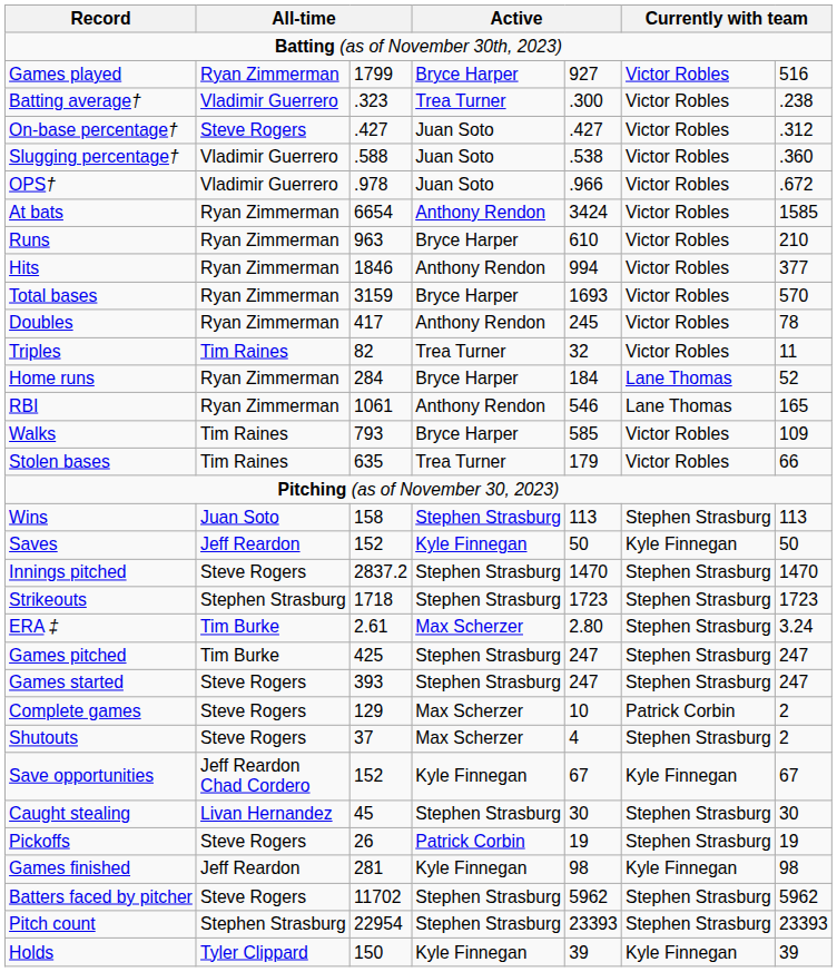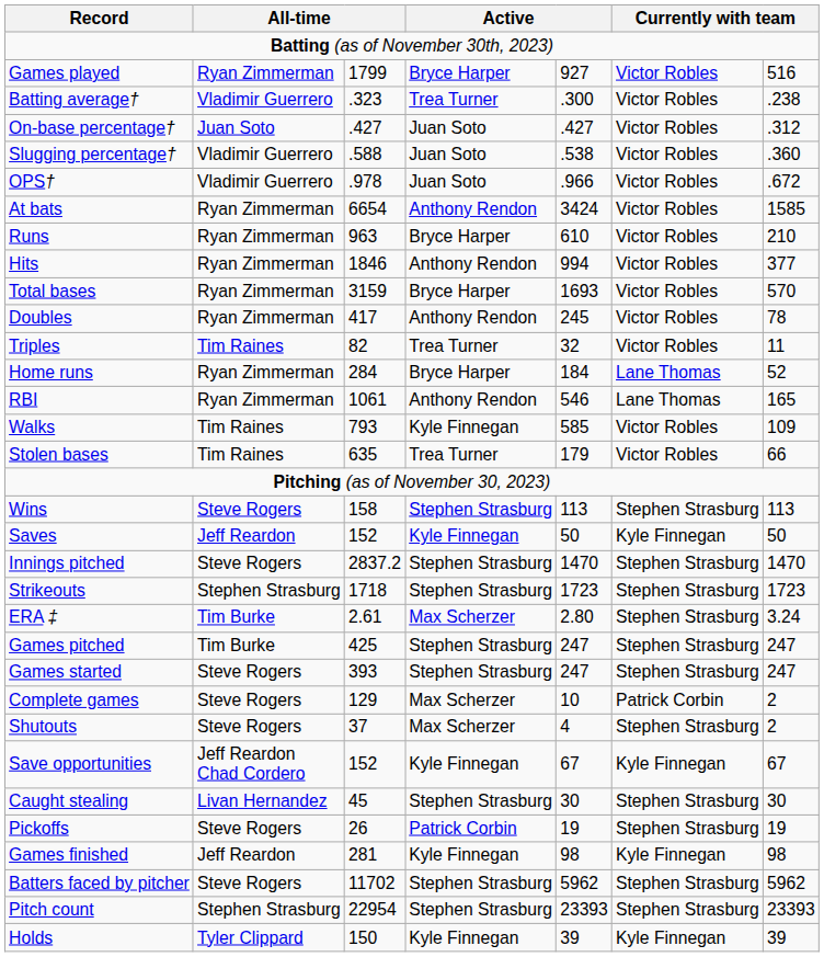 <table class="wikitable">
 <tr>
 <th>Record</th>
 <th ! colspan="2">All-time</th>
 <th ! colspan="2">Active</th>
 <th ! colspan="2">Currently with team</th>
 </tr>
 <tr align="center">
 <td colspan=7><strong>Batting</strong> <em>(as of November 30th, 2023)</em></td>
 </tr>
 <tr>
 <td><a href='#'>Games played</a></td>
 <td><a href='#'>Ryan Zimmerman</a></td>
 <td>1799</td>
 <td><a href='#'>Bryce Harper</a></td>
 <td>927</td>
 <td><a href='#'>Victor Robles</a></td>
 <td>516</td>
 </tr>
 <tr>
 <td><a href='#'>Batting average</a><em>†</em></td>
 <td><a href='#'>Vladimir Guerrero</a></td>
 <td>.323</td>
 <td><a href='#'>Trea Turner</a></td>
 <td>.300</td>
 <td>Victor Robles</td>
 <td>.238</td>
 </tr>
 <tr>
 <td><a href='#'>On-base percentage</a><em>†</em></td>
-<td><a href='#'>Steve Rogers</a></td>
+<td><a href='#'>Juan Soto</a></td>
 <td>.427</td>
 <td>Juan Soto</td>
 <td>.427</td>
 <td>Victor Robles</td>
 <td>.312</td>
 </tr>
 <tr>
 <td><a href='#'>Slugging percentage</a><em>†</em></td>
 <td>Vladimir Guerrero</td>
 <td>.588</td>
 <td>Juan Soto</td>
 <td>.538</td>
 <td>Victor Robles</td>
 <td>.360</td>
 </tr>
 <tr>
 <td><a href='#'>OPS</a><em>†</em></td>
 <td>Vladimir Guerrero</td>
 <td>.978</td>
 <td>Juan Soto</td>
 <td>.966</td>
 <td>Victor Robles</td>
 <td>.672</td>
 </tr>
 <tr>
 <td><a href='#'>At bats</a></td>
 <td>Ryan Zimmerman</td>
 <td>6654</td>
 <td><a href='#'>Anthony Rendon</a></td>
 <td>3424</td>
 <td>Victor Robles</td>
 <td>1585</td>
 </tr>
 <tr>
 <td><a href='#'>Runs</a></td>
 <td>Ryan Zimmerman</td>
 <td>963</td>
 <td>Bryce Harper</td>
 <td>610</td>
 <td>Victor Robles</td>
 <td>210</td>
 </tr>
 <tr>
 <td><a href='#'>Hits</a></td>
 <td>Ryan Zimmerman</td>
 <td>1846</td>
 <td>Anthony Rendon</td>
 <td>994</td>
 <td>Victor Robles</td>
 <td>377</td>
 </tr>
 <tr>
 <td><a href='#'>Total bases</a></td>
 <td>Ryan Zimmerman</td>
 <td>3159</td>
 <td>Bryce Harper</td>
 <td>1693</td>
 <td>Victor Robles</td>
 <td>570</td>
 </tr>
 <tr>
 <td><a href='#'>Doubles</a></td>
 <td>Ryan Zimmerman</td>
 <td>417</td>
 <td>Anthony Rendon</td>
 <td>245</td>
 <td>Victor Robles</td>
 <td>78</td>
 </tr>
 <tr>
 <td><a href='#'>Triples</a></td>
 <td><a href='#'>Tim Raines</a></td>
 <td>82</td>
 <td>Trea Turner</td>
 <td>32</td>
 <td>Victor Robles</td>
 <td>11</td>
 </tr>
 <tr>
 <td><a href='#'>Home runs</a></td>
 <td>Ryan Zimmerman</td>
 <td>284</td>
 <td>Bryce Harper</td>
 <td>184</td>
 <td><a href='#'>Lane Thomas</a></td>
 <td>52</td>
 </tr>
 <tr>
 <td><a href='#'>RBI</a></td>
 <td>Ryan Zimmerman</td>
 <td>1061</td>
 <td>Anthony Rendon</td>
 <td>546</td>
 <td>Lane Thomas</td>
 <td>165</td>
 </tr>
 <tr>
 <td><a href='#'>Walks</a></td>
 <td>Tim Raines</td>
 <td>793</td>
-<td>Bryce Harper</td>
+<td>Kyle Finnegan</td>
 <td>585</td>
 <td>Victor Robles</td>
 <td>109</td>
 </tr>
 <tr>
 <td><a href='#'>Stolen bases</a></td>
 <td>Tim Raines</td>
 <td>635</td>
 <td>Trea Turner</td>
 <td>179</td>
 <td>Victor Robles</td>
 <td>66</td>
 </tr>
 <tr align="center">
 <td colspan="7"><strong>Pitching</strong> <em>(as of  November 30, 2023)</em></td>
 </tr>
 <tr>
 <td><a href='#'>Wins</a></td>
-<td><a href='#'>Juan Soto</a></td>
+<td><a href='#'>Steve Rogers</a></td>
 <td>158</td>
 <td><a href='#'>Stephen Strasburg</a></td>
 <td>113</td>
 <td>Stephen Strasburg</td>
 <td>113</td>
 </tr>
 <tr>
 <td><a href='#'>Saves</a></td>
 <td><a href='#'>Jeff Reardon</a></td>
 <td>152</td>
 <td><a href='#'>Kyle Finnegan</a></td>
 <td>50</td>
 <td>Kyle Finnegan</td>
 <td>50</td>
 </tr>
 <tr>
 <td><a href='#'>Innings pitched</a></td>
 <td>Steve Rogers</td>
 <td>2837.2</td>
 <td>Stephen Strasburg</td>
 <td>1470</td>
 <td>Stephen Strasburg</td>
 <td>1470</td>
 </tr>
 <tr>
 <td><a href='#'>Strikeouts</a></td>
 <td>Stephen Strasburg</td>
 <td>1718</td>
 <td>Stephen Strasburg</td>
 <td>1723</td>
 <td>Stephen Strasburg</td>
 <td>1723</td>
 </tr>
 <tr>
 <td><a href='#'>ERA</a> <em>‡</em></td>
 <td><a href='#'>Tim Burke</a></td>
 <td>2.61</td>
 <td><a href='#'>Max Scherzer</a></td>
 <td>2.80</td>
 <td>Stephen Strasburg</td>
 <td>3.24</td>
 </tr>
 <tr>
 <td><a href='#'>Games pitched</a></td>
 <td>Tim Burke</td>
 <td>425</td>
 <td>Stephen Strasburg</td>
 <td>247</td>
 <td>Stephen Strasburg</td>
 <td>247</td>
 </tr>
 <tr>
 <td><a href='#'>Games started</a></td>
 <td>Steve Rogers</td>
 <td>393</td>
 <td>Stephen Strasburg</td>
 <td>247</td>
 <td>Stephen Strasburg</td>
 <td>247</td>
 </tr>
 <tr>
 <td><a href='#'>Complete games</a></td>
 <td>Steve Rogers</td>
 <td>129</td>
 <td>Max Scherzer</td>
 <td>10</td>
 <td>Patrick Corbin</td>
 <td>2</td>
 </tr>
 <tr>
 <td><a href='#'>Shutouts</a></td>
 <td>Steve Rogers</td>
 <td>37</td>
 <td>Max Scherzer</td>
 <td>4</td>
 <td>Stephen Strasburg</td>
 <td>2</td>
 </tr>
 <tr>
 <td><a href='#'>Save opportunities</a></td>
 <td>Jeff Reardon<br><a href='#'>Chad Cordero</a></td>
 <td>152</td>
 <td>Kyle Finnegan</td>
 <td>67</td>
 <td>Kyle Finnegan</td>
 <td>67</td>
 </tr>
 <tr>
 <td><a href='#'>Caught stealing</a></td>
 <td><a href='#'>Livan Hernandez</a></td>
 <td>45</td>
 <td>Stephen Strasburg</td>
 <td>30</td>
 <td>Stephen Strasburg</td>
 <td>30</td>
 </tr>
 <tr>
 <td><a href='#'>Pickoffs</a></td>
 <td>Steve Rogers</td>
 <td>26</td>
 <td><a href='#'>Patrick Corbin</a></td>
 <td>19</td>
 <td>Stephen Strasburg</td>
 <td>19</td>
 </tr>
 <tr>
 <td><a href='#'>Games finished</a></td>
 <td>Jeff Reardon</td>
 <td>281</td>
 <td>Kyle Finnegan</td>
 <td>98</td>
 <td>Kyle Finnegan</td>
 <td>98</td>
 </tr>
 <tr>
 <td><a href='#'>Batters faced by pitcher</a></td>
 <td>Steve Rogers</td>
 <td>11702</td>
 <td>Stephen Strasburg</td>
 <td>5962</td>
 <td>Stephen Strasburg</td>
 <td>5962</td>
 </tr>
 <tr>
 <td><a href='#'>Pitch count</a></td>
 <td>Stephen Strasburg</td>
 <td>22954</td>
 <td>Stephen Strasburg</td>
 <td>23393</td>
 <td>Stephen Strasburg</td>
 <td>23393</td>
 </tr>
 <tr>
 <td><a href='#'>Holds</a></td>
 <td><a href='#'>Tyler Clippard</a></td>
 <td>150</td>
 <td>Kyle Finnegan</td>
 <td>39</td>
 <td>Kyle Finnegan</td>
 <td>39</td>
 </tr>
 </table>
